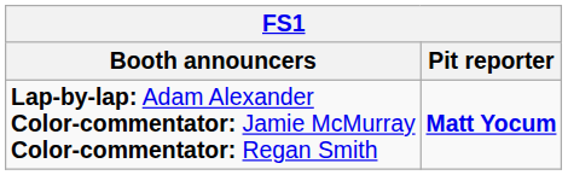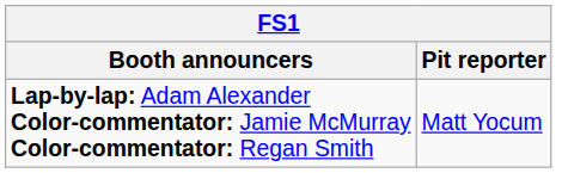 <table class="wikitable">
 <tr>
 <th colspan="2"><a href='#'>FS1</a></th>
 </tr>
 <tr>
 <th>Booth announcers</th>
 <th>Pit reporter</th>
 </tr>
 <tr>
 <td><strong>Lap-by-lap:</strong> <a href='#'>Adam Alexander</a><br><strong>Color-commentator:</strong> <a href='#'>Jamie McMurray</a><br><strong>Color-commentator:</strong> <a href='#'>Regan Smith</a></td>
-<td><strong><a href='#'>Matt Yocum</a></strong></td>
+<td><a href='#'>Matt Yocum</a></td>
 </tr>
 </table>
